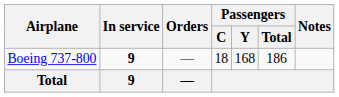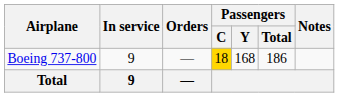 <table class="wikitable" style="border-collapse:collapse;text-align:center;margin:1em auto;">
 <tr>
 <th rowspan="2">Airplane</th>
 <th rowspan="2">In service</th>
 <th rowspan="2">Orders</th>
 <th colspan="3">Passengers</th>
 <th rowspan="2">Notes</th>
 </tr>
 <tr>
 <th><abbr>C</abbr></th>
 <th><abbr>Y</abbr></th>
 <th>Total</th>
 </tr>
 <tr>
 <td><a href='#'>Boeing 737-800</a></td>
-<td><strong>9</strong></td>
+<td>9</td>
 <td>—</td>
-<td>18</td>
+<td style="background: gold;">18</td>
 <td>168</td>
 <td>186</td>
 <td></td>
 </tr>
 <tr>
 <th>Total</th>
 <th>9</th>
 <th>—</th>
 <th colspan="4"></th>
 </tr>
 </table>
